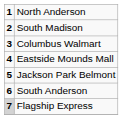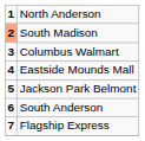 <table class="wikitable">
 <tr>
 <td><strong>1</strong></td>
 <td>North Anderson</td>
 </tr>
 <tr>
-<td><strong>2</strong></td>
+<td style="background: lightsalmon;"><strong>2</strong></td>
 <td>South Madison</td>
 </tr>
 <tr>
 <td><strong>3</strong></td>
 <td>Columbus Walmart</td>
 </tr>
 <tr>
 <td><strong>4</strong></td>
 <td>Eastside Mounds Mall</td>
 </tr>
 <tr>
 <td><strong>5</strong></td>
 <td>Jackson Park Belmont</td>
 </tr>
 <tr>
 <td><strong>6</strong></td>
 <td>South Anderson</td>
 </tr>
 <tr>
-<td style="background: lightgrey;"><strong>7</strong></td>
+<td><strong>7</strong></td>
 <td>Flagship Express</td>
 </tr>
 <tr>
 </tr>
 </table>
